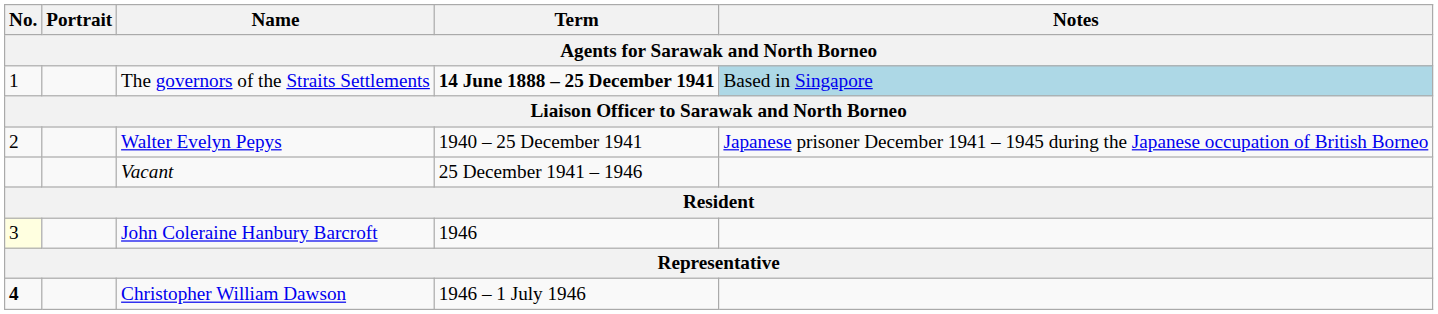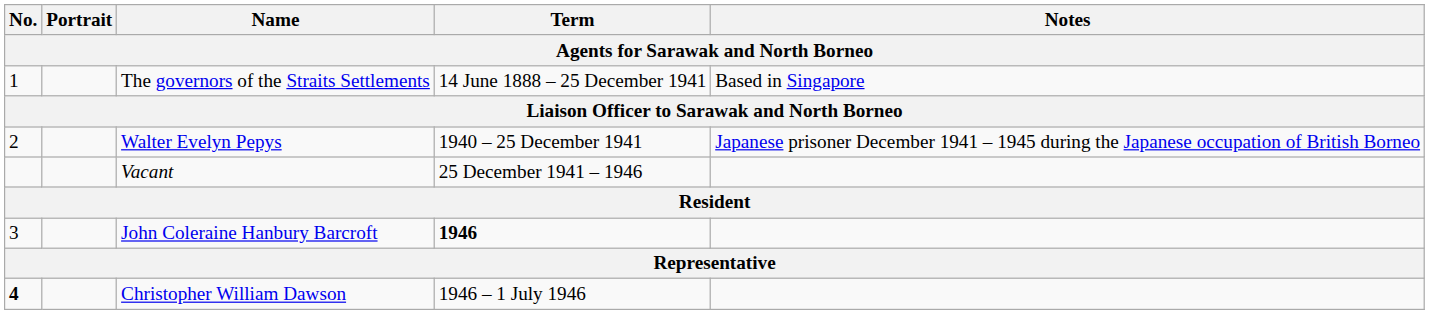 <table class="wikitable">
 <tr>
 <th>No.</th>
 <th>Portrait</th>
 <th>Name</th>
 <th>Term</th>
 <th>Notes</th>
 </tr>
 <tr>
 <th colspan="5" align="center">Agents for Sarawak and North Borneo</th>
 </tr>
 <tr>
 <td>1</td>
 <td></td>
 <td>The <a href='#'>governors</a> of the <a href='#'>Straits Settlements</a></td>
-<td><strong>14 June 1888 – 25 December 1941</strong></td>
-<td style="background: lightblue;">Based in <a href='#'>Singapore</a></td>
+<td>14 June 1888 – 25 December 1941</td>
+<td>Based in <a href='#'>Singapore</a></td>
 </tr>
 <tr>
 <th colspan="5" align="center">Liaison Officer to Sarawak and North Borneo</th>
 </tr>
 <tr>
 <td>2</td>
 <td></td>
 <td><a href='#'>Walter Evelyn Pepys</a></td>
 <td>1940 – 25 December 1941</td>
 <td><a href='#'>Japanese</a> prisoner December 1941 – 1945 during the <a href='#'>Japanese occupation of British Borneo</a></td>
 </tr>
 <tr>
 <td></td>
 <td></td>
 <td><em>Vacant</em></td>
 <td>25 December 1941 – 1946</td>
 <td></td>
 </tr>
 <tr>
 <th colspan="5" align="center">Resident</th>
 </tr>
 <tr>
-<td style="background: lightyellow;">3</td>
+<td>3</td>
 <td></td>
 <td><a href='#'>John Coleraine Hanbury Barcroft</a></td>
-<td>1946</td>
+<td><strong>1946</strong></td>
 <td></td>
 </tr>
 <tr>
 <th colspan="5" align="center">Representative</th>
 </tr>
 <tr>
 <td><strong>4</strong></td>
 <td></td>
 <td><a href='#'>Christopher William Dawson</a></td>
 <td>1946 – 1 July 1946</td>
 <td></td>
 </tr>
 </table>
